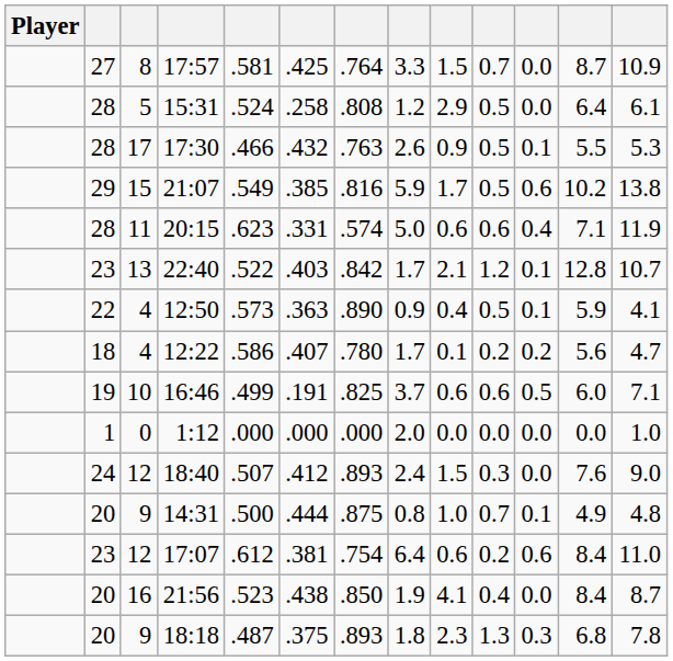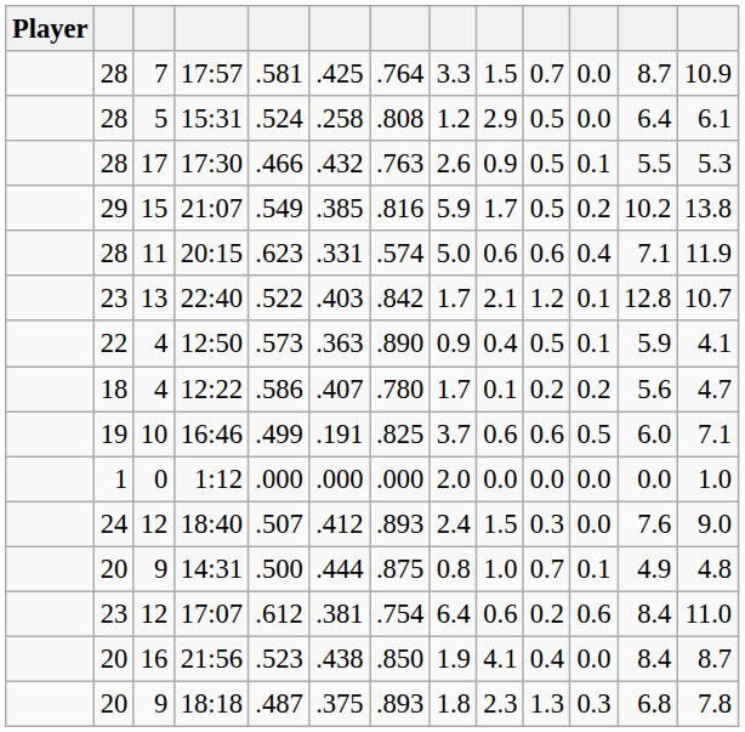 <table class="wikitable sortable" style="font-size:95%; text-align:right;">
 <tr>
 <th>Player</th>
 <th></th>
 <th></th>
 <th></th>
 <th></th>
 <th></th>
 <th></th>
 <th></th>
 <th></th>
 <th></th>
 <th></th>
 <th></th>
 <th></th>
 </tr>
 <tr>
 <td></td>
-<td>27</td>
-<td>8</td>
+<td>28</td>
+<td>7</td>
 <td>17:57</td>
 <td>.581</td>
 <td>.425</td>
 <td>.764</td>
 <td>3.3</td>
 <td>1.5</td>
 <td>0.7</td>
 <td>0.0</td>
 <td>8.7</td>
 <td>10.9</td>
 </tr>
 <tr>
 <td></td>
 <td>28</td>
 <td>5</td>
 <td>15:31</td>
 <td>.524</td>
 <td>.258</td>
 <td>.808</td>
 <td>1.2</td>
 <td>2.9</td>
 <td>0.5</td>
 <td>0.0</td>
 <td>6.4</td>
 <td>6.1</td>
 </tr>
 <tr>
 <td></td>
 <td>28</td>
 <td>17</td>
 <td>17:30</td>
 <td>.466</td>
 <td>.432</td>
 <td>.763</td>
 <td>2.6</td>
 <td>0.9</td>
 <td>0.5</td>
 <td>0.1</td>
 <td>5.5</td>
 <td>5.3</td>
 </tr>
 <tr>
 <td></td>
 <td>29</td>
 <td>15</td>
 <td>21:07</td>
 <td>.549</td>
 <td>.385</td>
 <td>.816</td>
 <td>5.9</td>
 <td>1.7</td>
 <td>0.5</td>
-<td>0.6</td>
+<td>0.2</td>
 <td>10.2</td>
 <td>13.8</td>
 </tr>
 <tr>
 <td></td>
 <td>28</td>
 <td>11</td>
 <td>20:15</td>
 <td>.623</td>
 <td>.331</td>
 <td>.574</td>
 <td>5.0</td>
 <td>0.6</td>
 <td>0.6</td>
 <td>0.4</td>
 <td>7.1</td>
 <td>11.9</td>
 </tr>
 <tr>
 <td></td>
 <td>23</td>
 <td>13</td>
 <td>22:40</td>
 <td>.522</td>
 <td>.403</td>
 <td>.842</td>
 <td>1.7</td>
 <td>2.1</td>
 <td>1.2</td>
 <td>0.1</td>
 <td>12.8</td>
 <td>10.7</td>
 </tr>
 <tr>
 <td></td>
 <td>22</td>
 <td>4</td>
 <td>12:50</td>
 <td>.573</td>
 <td>.363</td>
 <td>.890</td>
 <td>0.9</td>
 <td>0.4</td>
 <td>0.5</td>
 <td>0.1</td>
 <td>5.9</td>
 <td>4.1</td>
 </tr>
 <tr>
 <td></td>
 <td>18</td>
 <td>4</td>
 <td>12:22</td>
 <td>.586</td>
 <td>.407</td>
 <td>.780</td>
 <td>1.7</td>
 <td>0.1</td>
 <td>0.2</td>
 <td>0.2</td>
 <td>5.6</td>
 <td>4.7</td>
 </tr>
 <tr>
 <td></td>
 <td>19</td>
 <td>10</td>
 <td>16:46</td>
 <td>.499</td>
 <td>.191</td>
 <td>.825</td>
 <td>3.7</td>
 <td>0.6</td>
 <td>0.6</td>
 <td>0.5</td>
 <td>6.0</td>
 <td>7.1</td>
 </tr>
 <tr>
 <td></td>
 <td>1</td>
 <td>0</td>
 <td>1:12</td>
 <td>.000</td>
 <td>.000</td>
 <td>.000</td>
 <td>2.0</td>
 <td>0.0</td>
 <td>0.0</td>
 <td>0.0</td>
 <td>0.0</td>
 <td>1.0</td>
 </tr>
 <tr>
 <td></td>
 <td>24</td>
 <td>12</td>
 <td>18:40</td>
 <td>.507</td>
 <td>.412</td>
 <td>.893</td>
 <td>2.4</td>
 <td>1.5</td>
 <td>0.3</td>
 <td>0.0</td>
 <td>7.6</td>
 <td>9.0</td>
 </tr>
 <tr>
 <td></td>
 <td>20</td>
 <td>9</td>
 <td>14:31</td>
 <td>.500</td>
 <td>.444</td>
 <td>.875</td>
 <td>0.8</td>
 <td>1.0</td>
 <td>0.7</td>
 <td>0.1</td>
 <td>4.9</td>
 <td>4.8</td>
 </tr>
 <tr>
 <td></td>
 <td>23</td>
 <td>12</td>
 <td>17:07</td>
 <td>.612</td>
 <td>.381</td>
 <td>.754</td>
 <td>6.4</td>
 <td>0.6</td>
 <td>0.2</td>
 <td>0.6</td>
 <td>8.4</td>
 <td>11.0</td>
 </tr>
 <tr>
 <td></td>
 <td>20</td>
 <td>16</td>
 <td>21:56</td>
 <td>.523</td>
 <td>.438</td>
 <td>.850</td>
 <td>1.9</td>
 <td>4.1</td>
 <td>0.4</td>
 <td>0.0</td>
 <td>8.4</td>
 <td>8.7</td>
 </tr>
 <tr>
 <td></td>
 <td>20</td>
 <td>9</td>
 <td>18:18</td>
 <td>.487</td>
 <td>.375</td>
 <td>.893</td>
 <td>1.8</td>
 <td>2.3</td>
 <td>1.3</td>
 <td>0.3</td>
 <td>6.8</td>
 <td>7.8</td>
 </tr>
 </table>
